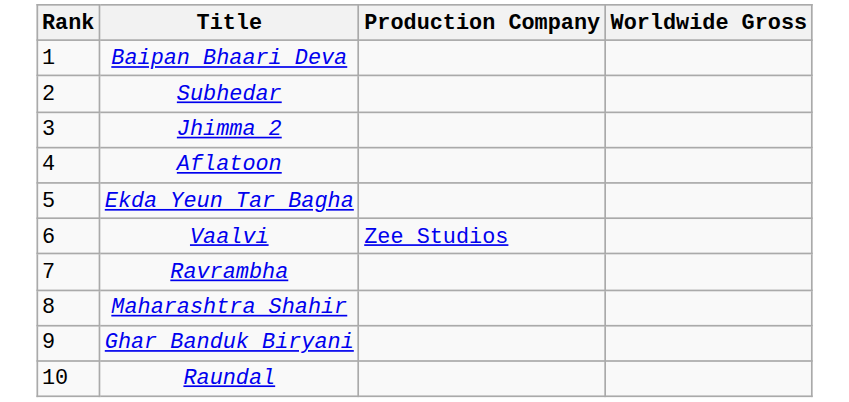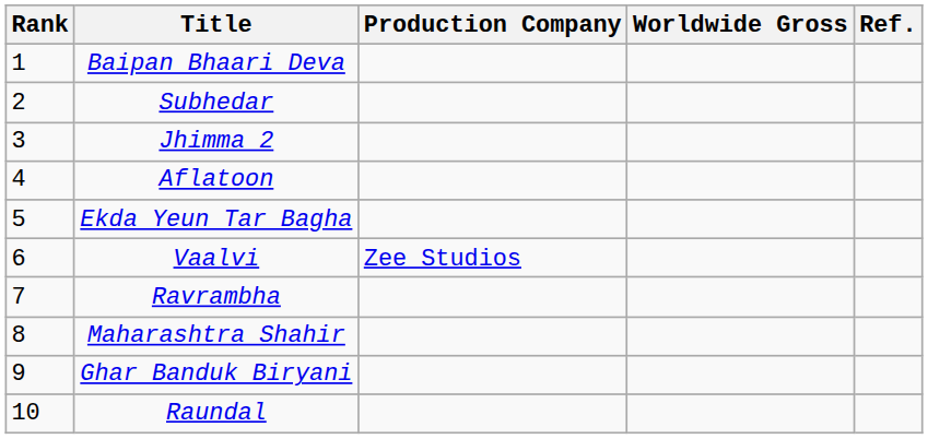 <table class="wikitable sortable" style="margin:auto; margin:auto;">
 <tr>
 <th>Rank</th>
 <th>Title</th>
 <th>Production Company</th>
 <th>Worldwide Gross</th>
+<th>Ref.</th>
 </tr>
 <tr>
 <td>1</td>
 <td style="text-align:center"><em><a href='#'>Baipan Bhaari Deva</a></em></td>
+<td></td>
 <td></td>
 <td></td>
 </tr>
 <tr>
 <td>2</td>
 <td style="text-align:center"><em><a href='#'>Subhedar</a></em></td>
 <td></td>
 <td></td>
+<td></td>
 </tr>
 <tr>
 <td>3</td>
 <td style="text-align:center"><em><a href='#'>Jhimma 2</a></em></td>
+<td></td>
 <td></td>
 <td></td>
 </tr>
 <tr>
 <td>4</td>
 <td style="text-align:center"><em><a href='#'>Aflatoon</a></em></td>
 <td></td>
 <td></td>
+<td></td>
 </tr>
 <tr>
 <td>5</td>
 <td style="text-align:center"><em><a href='#'>Ekda Yeun Tar Bagha</a></em></td>
+<td></td>
 <td></td>
 <td></td>
 </tr>
 <tr>
 <td>6</td>
 <td style="text-align:center"><em><a href='#'>Vaalvi</a></em></td>
 <td><a href='#'>Zee Studios</a></td>
 <td></td>
+<td></td>
 </tr>
 <tr>
 <td>7</td>
 <td style="text-align:center"><em><a href='#'>Ravrambha</a></em></td>
+<td></td>
 <td></td>
 <td></td>
 </tr>
 <tr>
 <td>8</td>
 <td style="text-align:center"><em><a href='#'>Maharashtra Shahir</a></em></td>
 <td></td>
 <td></td>
+<td></td>
 </tr>
 <tr>
 <td>9</td>
 <td style="text-align:center"><em><a href='#'>Ghar Banduk Biryani</a></em></td>
+<td></td>
 <td></td>
 <td></td>
 </tr>
 <tr>
 <td>10</td>
 <td style="text-align:center"><em><a href='#'>Raundal</a></em></td>
 <td></td>
 <td></td>
+<td></td>
 </tr>
 </table>
